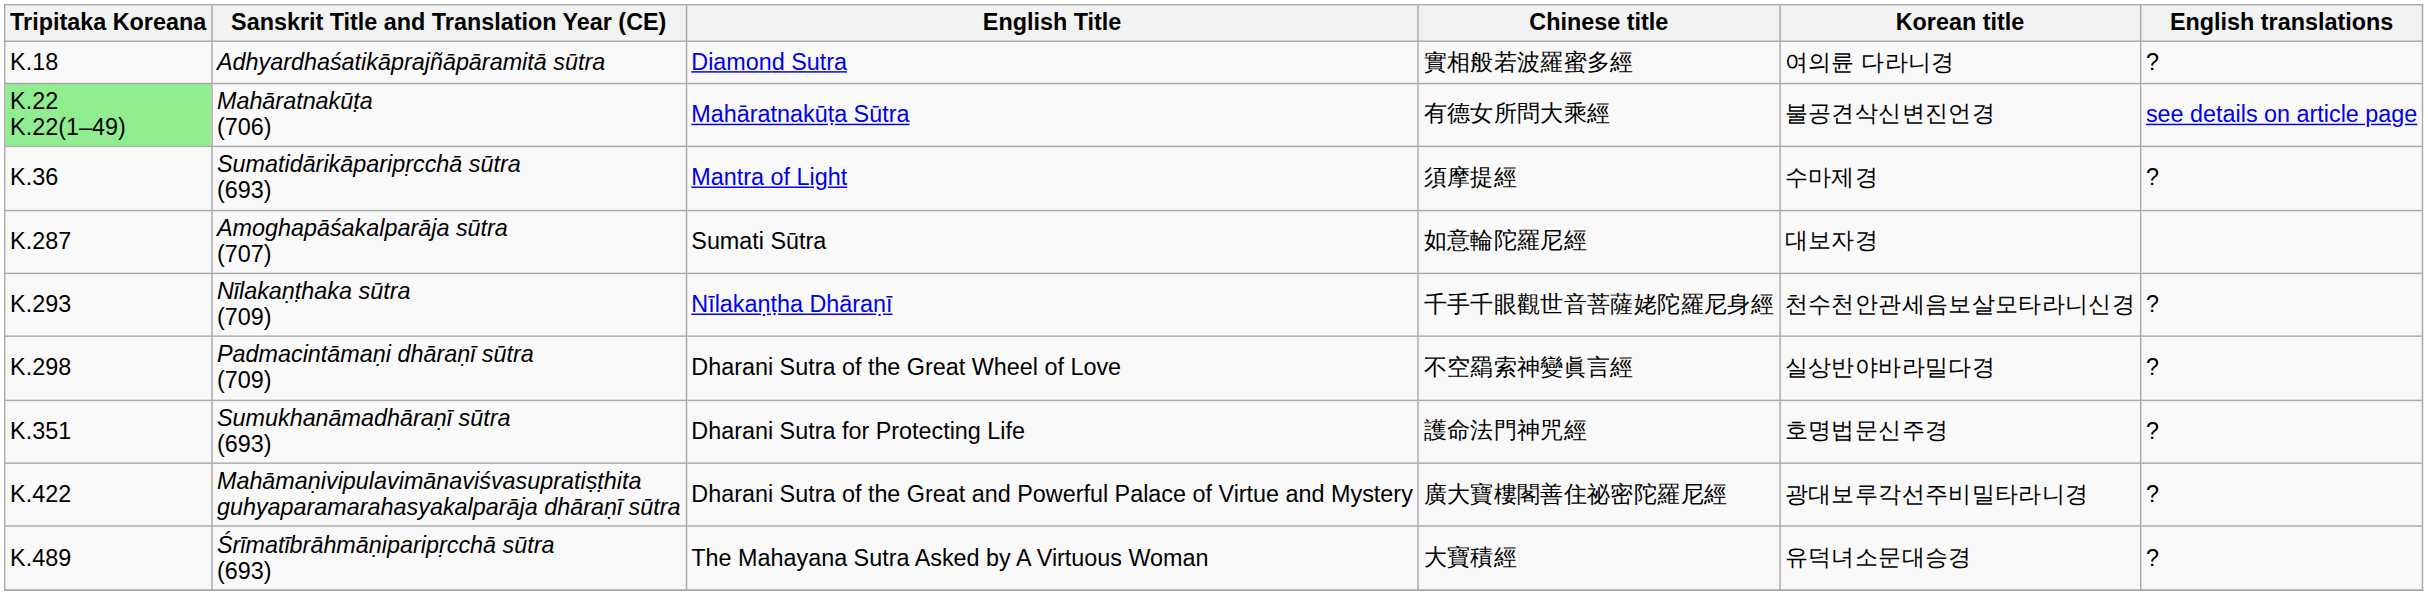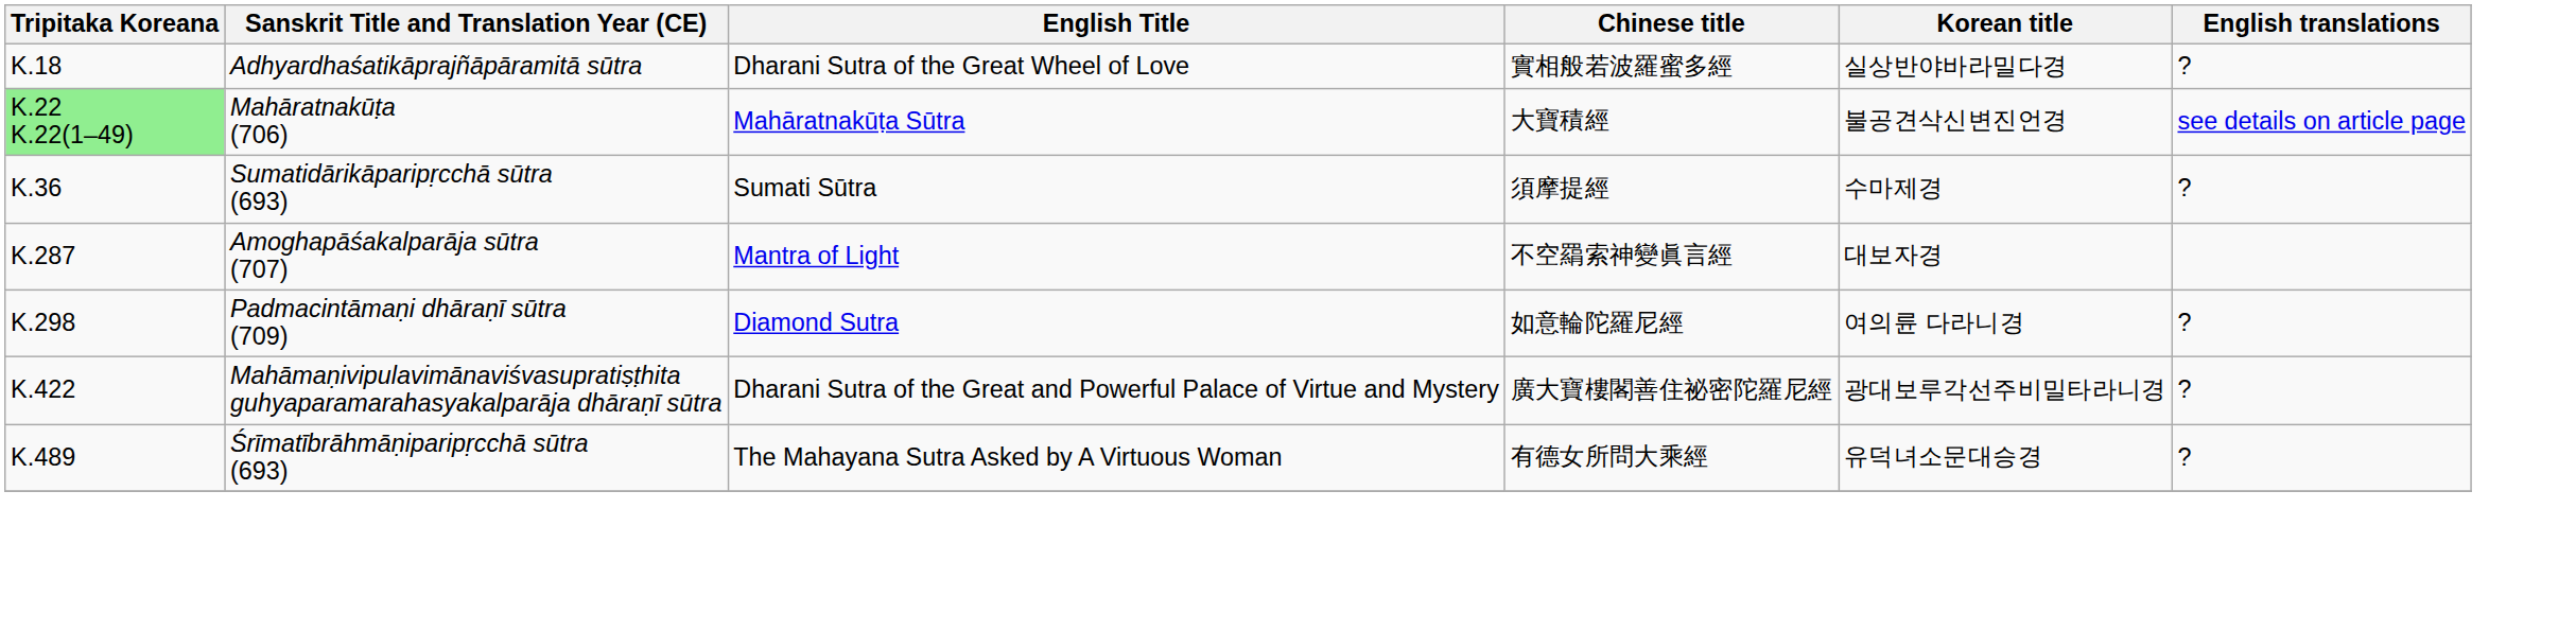 <table class="wikitable">
 <tr>
 <th>Tripitaka Koreana<br></th>
 <th>Sanskrit Title and Translation Year (CE)<br></th>
 <th>English Title</th>
 <th>Chinese title</th>
 <th>Korean title</th>
 <th>English translations<br></th>
 </tr>
 <tr>
 <td>K.18</td>
 <td><em>Adhyardhaśatikāprajñāpāramitā sūtra</em><br></td>
-<td><a href='#'>Diamond Sutra</a></td>
+<td>Dharani Sutra of the Great Wheel of Love</td>
 <td>實相般若波羅蜜多經</td>
-<td>여의륜 다라니경</td>
+<td>실상반야바라밀다경</td>
 <td style="text=align:center">?</td>
 </tr>
 <tr>
 <td style="background: lightgreen;">K.22<br>K.22(1–49)</td>
 <td style="text=align:center"><em>Mahāratnakūṭa</em><br>(706)</td>
 <td style="text=align:center"><a href='#'>Mahāratnakūṭa Sūtra</a></td>
-<td>有德女所問大乘經</td>
+<td>大寶積經</td>
 <td>불공견삭신변진언경</td>
 <td style="text=align:center"><a href='#'>see details on article page</a></td>
 </tr>
 <tr>
 <td>K.36</td>
 <td style="text=align:center"><em>Sumatidārikāparipṛcchā sūtra</em><br>(693)</td>
-<td><a href='#'>Mantra of Light</a></td>
+<td style="text=align:center">Sumati Sūtra</td>
 <td>須摩提經</td>
 <td>수마제경</td>
 <td style="text=align:center">?</td>
 </tr>
 <tr>
 <td>K.287</td>
 <td style="text=align:center"><em>Amoghapāśakalparāja sūtra</em><br>(707)</td>
-<td style="text=align:center">Sumati Sūtra</td>
-<td>如意輪陀羅尼經</td>
+<td><a href='#'>Mantra of Light</a></td>
+<td>不空羂索神變眞言經</td>
 <td>대보자경</td>
 <td style="text=align:center"></td>
 </tr>
 <tr>
-<td>K.293</td>
-<td style="text=align:center"><em>Nīlakaṇṭhaka sūtra</em><br>(709)</td>
-<td style="text=align:center"><a href='#'>Nīlakaṇṭha Dhāraṇī</a><br></td>
-<td>千手千眼觀世音菩薩姥陀羅尼身經</td>
-<td>천수천안관세음보살모타라니신경</td>
-<td style="text=align:center">?</td>
-</tr>
-<tr>
 <td>K.298</td>
 <td style="text=align:center"><em>Padmacintāmaṇi dhāraṇī sūtra</em><br>(709)</td>
-<td>Dharani Sutra of the Great Wheel of Love</td>
-<td>不空羂索神變眞言經</td>
-<td>실상반야바라밀다경</td>
-<td style="text=align:center">?</td>
-</tr>
-<tr>
-<td>K.351</td>
-<td style="text=align:center"><em>Sumukhanāmadhāraṇī sūtra</em><br>(693)</td>
-<td>Dharani Sutra for Protecting Life</td>
-<td>護命法門神咒經</td>
-<td>호명법문신주경</td>
+<td><a href='#'>Diamond Sutra</a></td>
+<td>如意輪陀羅尼經</td>
+<td>여의륜 다라니경</td>
 <td style="text=align:center">?</td>
 </tr>
 <tr>
 <td>K.422</td>
 <td><em>Mahāmaṇivipulavimānaviśvasupratiṣṭhita</em><br><em>guhyaparamarahasyakalparāja dhāraṇī sūtra</em> </td>
 <td>Dharani Sutra of the Great and Powerful Palace of Virtue and Mystery</td>
 <td>廣大寶樓閣善住祕密陀羅尼經</td>
 <td>광대보루각선주비밀타라니경</td>
 <td style="text=align:center">?</td>
 </tr>
 <tr>
 <td>K.489</td>
 <td style="text=align:center"><em>Śrīmatībrāhmāṇiparipṛcchā sūtra</em><br>(693)</td>
 <td>The Mahayana Sutra Asked by A Virtuous Woman</td>
-<td>大寶積經</td>
+<td>有德女所問大乘經</td>
 <td>유덕녀소문대승경</td>
 <td style="text=align:center">?</td>
 </tr>
 <tr>
 </tr>
 </table>
